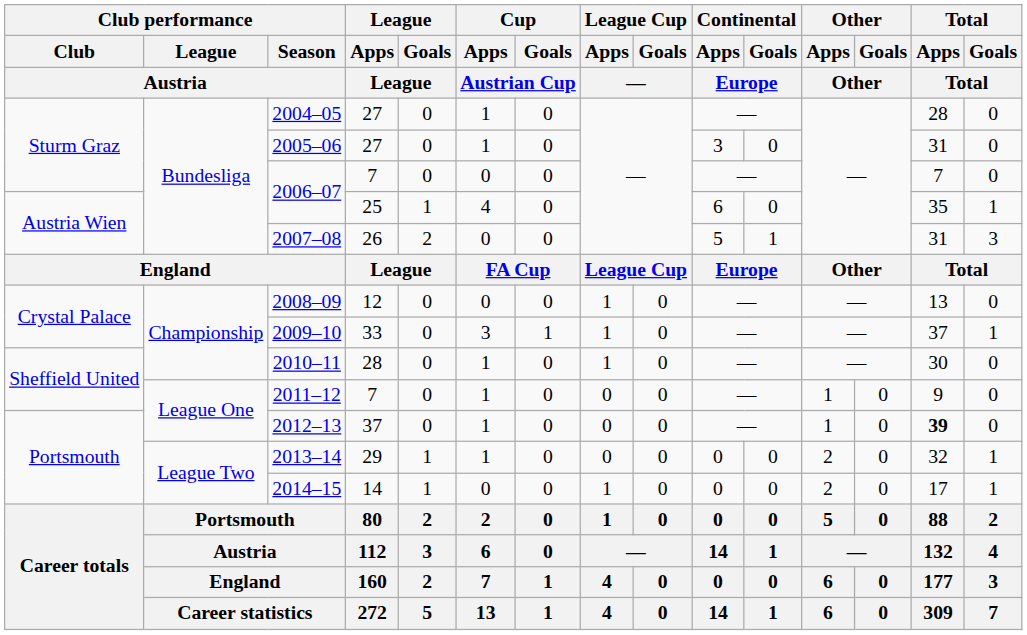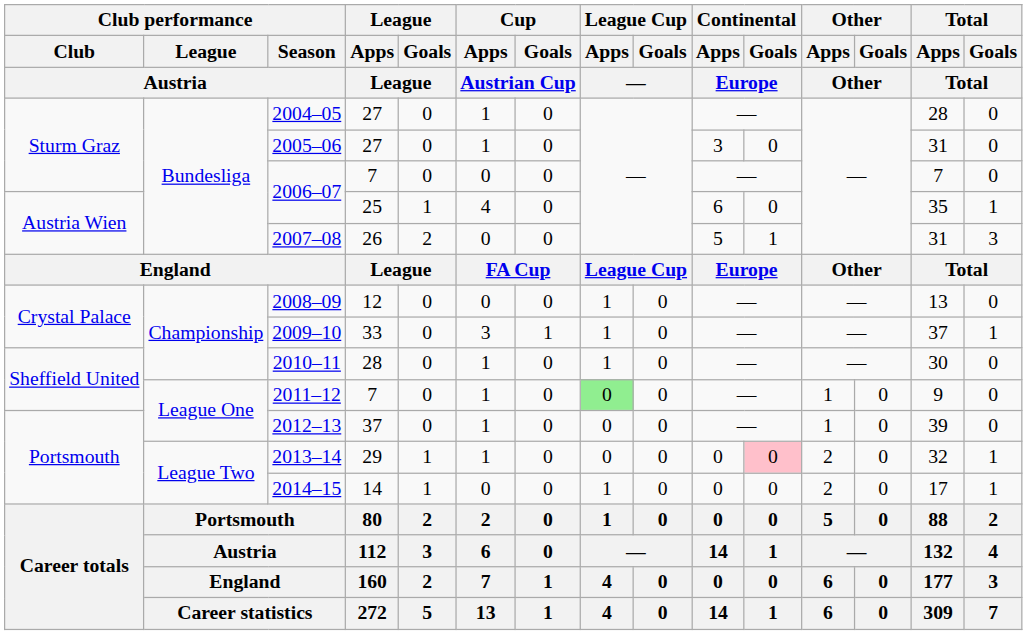 <table class="wikitable" style="text-align: center">
 <tr>
 <th Colspan="3">Club performance</th>
 <th Colspan="2">League</th>
 <th Colspan="2">Cup</th>
 <th Colspan="2">League Cup</th>
 <th Colspan="2">Continental</th>
 <th Colspan="2">Other</th>
 <th Colspan="2">Total</th>
 </tr>
 <tr>
 <th>Club</th>
 <th>League</th>
 <th>Season</th>
 <th>Apps</th>
 <th>Goals</th>
 <th>Apps</th>
 <th>Goals</th>
 <th>Apps</th>
 <th>Goals</th>
 <th>Apps</th>
 <th>Goals</th>
 <th>Apps</th>
 <th>Goals</th>
 <th>Apps</th>
 <th>Goals</th>
 </tr>
 <tr>
 <th Colspan="3">Austria</th>
 <th Colspan="2">League</th>
 <th Colspan="2"><a href='#'>Austrian Cup</a></th>
 <th Colspan="2">—</th>
 <th Colspan="2"><a href='#'>Europe</a></th>
 <th Colspan="2">Other</th>
 <th Colspan="2">Total</th>
 </tr>
 <tr>
 <td Rowspan="3"><a href='#'>Sturm Graz</a></td>
 <td Rowspan="5"><a href='#'>Bundesliga</a></td>
 <td><a href='#'>2004–05</a></td>
 <td>27</td>
 <td>0</td>
 <td>1</td>
 <td>0</td>
 <td Rowspan="5" Colspan="2">—</td>
 <td Colspan="2">—</td>
 <td Rowspan="5" Colspan="2">—</td>
 <td>28</td>
 <td>0</td>
 </tr>
 <tr>
 <td><a href='#'>2005–06</a></td>
 <td>27</td>
 <td>0</td>
 <td>1</td>
 <td>0</td>
 <td>3</td>
 <td>0</td>
 <td>31</td>
 <td>0</td>
 </tr>
 <tr>
 <td Rowspan="2"><a href='#'>2006–07</a></td>
 <td>7</td>
 <td>0</td>
 <td>0</td>
 <td>0</td>
 <td Colspan="2">—</td>
 <td>7</td>
 <td>0</td>
 </tr>
 <tr>
 <td Rowspan="2"><a href='#'>Austria Wien</a></td>
 <td>25</td>
 <td>1</td>
 <td>4</td>
 <td>0</td>
 <td>6</td>
 <td>0</td>
 <td>35</td>
 <td>1</td>
 </tr>
 <tr>
 <td><a href='#'>2007–08</a></td>
 <td>26</td>
 <td>2</td>
 <td>0</td>
 <td>0</td>
 <td>5</td>
 <td>1</td>
 <td>31</td>
 <td>3</td>
 </tr>
 <tr>
 <th Colspan="3">England</th>
 <th Colspan="2">League</th>
 <th Colspan="2"><a href='#'>FA Cup</a></th>
 <th Colspan="2"><a href='#'>League Cup</a></th>
 <th Colspan="2"><a href='#'>Europe</a></th>
 <th Colspan="2">Other</th>
 <th Colspan="2">Total</th>
 </tr>
 <tr>
 <td Rowspan="2"><a href='#'>Crystal Palace</a></td>
 <td Rowspan="3"><a href='#'>Championship</a></td>
 <td><a href='#'>2008–09</a></td>
 <td>12</td>
 <td>0</td>
 <td>0</td>
 <td>0</td>
 <td>1</td>
 <td>0</td>
 <td Colspan="2">—</td>
 <td Colspan="2">—</td>
 <td>13</td>
 <td>0</td>
 </tr>
 <tr>
 <td><a href='#'>2009–10</a></td>
 <td>33</td>
 <td>0</td>
 <td>3</td>
 <td>1</td>
 <td>1</td>
 <td>0</td>
 <td Colspan="2">—</td>
 <td Colspan="2">—</td>
 <td>37</td>
 <td>1</td>
 </tr>
 <tr>
 <td Rowspan="2"><a href='#'>Sheffield United</a></td>
 <td><a href='#'>2010–11</a></td>
 <td>28</td>
 <td>0</td>
 <td>1</td>
 <td>0</td>
 <td>1</td>
 <td>0</td>
 <td Colspan="2">—</td>
 <td Colspan="2">—</td>
 <td>30</td>
 <td>0</td>
 </tr>
 <tr>
 <td Rowspan="2"><a href='#'>League One</a></td>
 <td><a href='#'>2011–12</a></td>
 <td>7</td>
 <td>0</td>
 <td>1</td>
 <td>0</td>
-<td>0</td>
+<td style="background: lightgreen;">0</td>
 <td>0</td>
 <td Colspan="2">—</td>
 <td>1</td>
 <td>0</td>
 <td>9</td>
 <td>0</td>
 </tr>
 <tr>
 <td Rowspan="3"><a href='#'>Portsmouth</a></td>
 <td><a href='#'>2012–13</a></td>
 <td>37</td>
 <td>0</td>
 <td>1</td>
 <td>0</td>
 <td>0</td>
 <td>0</td>
 <td Colspan="2">—</td>
 <td>1</td>
 <td>0</td>
-<td><strong>39</strong></td>
+<td>39</td>
 <td>0</td>
 </tr>
 <tr>
 <td Rowspan="2"><a href='#'>League Two</a></td>
 <td><a href='#'>2013–14</a></td>
 <td>29</td>
 <td>1</td>
 <td>1</td>
 <td>0</td>
 <td>0</td>
 <td>0</td>
 <td>0</td>
-<td>0</td>
+<td style="background: pink;">0</td>
 <td>2</td>
 <td>0</td>
 <td>32</td>
 <td>1</td>
 </tr>
 <tr>
 <td><a href='#'>2014–15</a></td>
 <td>14</td>
 <td>1</td>
 <td>0</td>
 <td>0</td>
 <td>1</td>
 <td>0</td>
 <td>0</td>
 <td>0</td>
 <td>2</td>
 <td>0</td>
 <td>17</td>
 <td>1</td>
 </tr>
 <tr>
 <th rowspan="4">Career totals</th>
 <th colspan="2">Portsmouth</th>
 <th>80</th>
 <th>2</th>
 <th>2</th>
 <th>0</th>
 <th>1</th>
 <th>0</th>
 <th>0</th>
 <th>0</th>
 <th>5</th>
 <th>0</th>
 <th>88</th>
 <th>2</th>
 </tr>
 <tr>
 <th colspan="2">Austria</th>
 <th>112</th>
 <th>3</th>
 <th>6</th>
 <th>0</th>
 <th Colspan="2">—</th>
 <th>14</th>
 <th>1</th>
 <th Colspan="2">—</th>
 <th>132</th>
 <th>4</th>
 </tr>
 <tr>
 <th colspan="2">England</th>
 <th>160</th>
 <th>2</th>
 <th>7</th>
 <th>1</th>
 <th>4</th>
 <th>0</th>
 <th>0</th>
 <th>0</th>
 <th>6</th>
 <th>0</th>
 <th>177</th>
 <th>3</th>
 </tr>
 <tr>
 <th colspan="2">Career statistics</th>
 <th>272</th>
 <th>5</th>
 <th>13</th>
 <th>1</th>
 <th>4</th>
 <th>0</th>
 <th>14</th>
 <th>1</th>
 <th>6</th>
 <th>0</th>
 <th>309</th>
 <th>7</th>
 </tr>
 </table>
